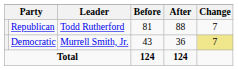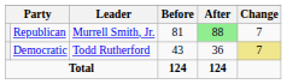 <table class="wikitable" style="text-align:center;">
 <tr>
 </tr>
 <tr>
 <th colspan=2>Party</th>
 <th>Leader</th>
 <th style="width:3em">Before</th>
 <th style="width:3em">After</th>
 <th style="width:3em">Change</th>
 </tr>
 <tr>
 <th style="background-color:"></th>
 <td style="text-align:left;"><a href='#'>Republican</a></td>
-<td style="text-align:left;"><a href='#'>Todd Rutherford</a></td>
+<td style="text-align:left;"><a href='#'>Murrell Smith, Jr.</a></td>
 <td>81</td>
-<td>88</td>
+<td style="background: lightgreen;">88</td>
 <td> 7</td>
 </tr>
 <tr>
 <th style="background-color:"></th>
 <td style="text-align:left;"><a href='#'>Democratic</a></td>
-<td style="text-align:left;"><a href='#'>Murrell Smith, Jr.</a></td>
+<td style="text-align:left;"><a href='#'>Todd Rutherford</a></td>
 <td>43</td>
 <td>36</td>
 <td style="background: khaki;"> 7</td>
 </tr>
 <tr>
 <td colspan=3><strong>Total</strong></td>
 <td><strong>124</strong></td>
 <td><strong>124</strong></td>
 <td></td>
 </tr>
 </table>
